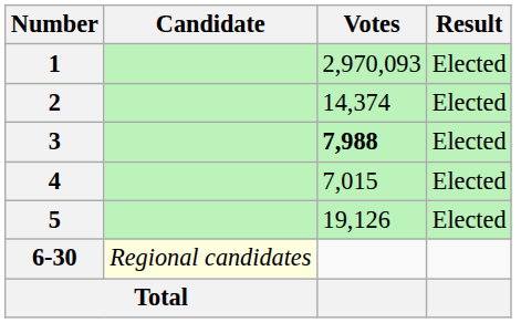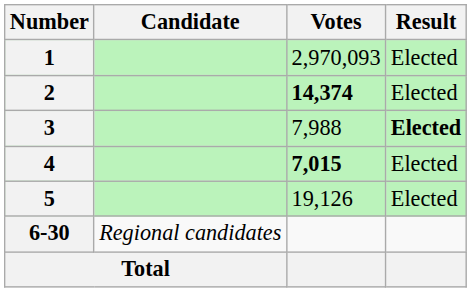 <table class="wikitable sortable col3right">
 <tr>
 <th scope="col">Number</th>
 <th scope="col">Candidate</th>
 <th scope="col">Votes</th>
 <th scope="col">Result</th>
 </tr>
 <tr bgcolor=bbf3bb>
 <th scope="row">1</th>
 <td></td>
 <td>2,970,093</td>
 <td>Elected</td>
 </tr>
 <tr bgcolor=bbf3bb>
 <th scope="row">2</th>
 <td></td>
-<td>14,374</td>
+<td><strong>14,374</strong></td>
 <td>Elected</td>
 </tr>
 <tr bgcolor=bbf3bb>
 <th scope="row">3</th>
 <td></td>
-<td><strong>7,988</strong></td>
-<td>Elected</td>
+<td>7,988</td>
+<td><strong>Elected</strong></td>
 </tr>
 <tr bgcolor=bbf3bb>
 <th scope="row">4</th>
 <td></td>
-<td>7,015</td>
+<td><strong>7,015</strong></td>
 <td>Elected</td>
 </tr>
 <tr bgcolor=bbf3bb>
 <th scope="row">5</th>
 <td></td>
 <td>19,126</td>
 <td>Elected</td>
 </tr>
 <tr>
 <th scope="row">6-30</th>
-<td style="background: lightyellow;"><em>Regional candidates</em></td>
+<td><em>Regional candidates</em></td>
 <td></td>
 </tr>
 <tr class="sortbottom">
 <th scope="row" colspan="2">Total</th>
 <th></th>
 <th></th>
 </tr>
 </table>
